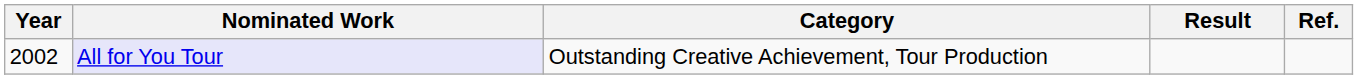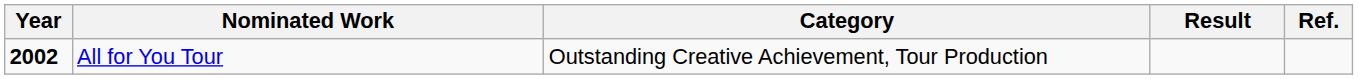 <table class="wikitable" width="50%">
 <tr>
 <th width="5%">Year</th>
 <th width="35%">Nominated Work</th>
 <th width="45%">Category</th>
 <th width="10%">Result</th>
 <th width="5%">Ref.</th>
 </tr>
 <tr>
-<td>2002</td>
-<td style="background: lavender;"><a href='#'>All for You Tour</a></td>
+<td><strong>2002</strong></td>
+<td><a href='#'>All for You Tour</a></td>
 <td>Outstanding Creative Achievement, Tour Production</td>
 <td></td>
 <td></td>
 </tr>
 </table>
